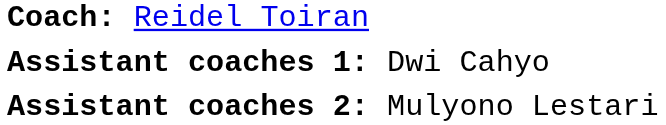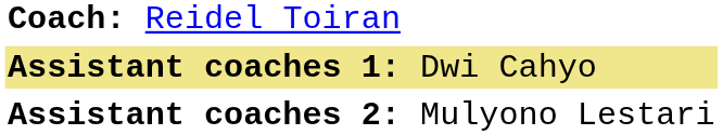 <table>
 <tr>
 <td><strong>Coach:</strong>  <a href='#'>Reidel Toiran</a></td>
 </tr>
 <tr>
-<td><strong>Assistant coaches 1:</strong>  Dwi Cahyo</td>
+<td style="background: khaki;"><strong>Assistant coaches 1:</strong>  Dwi Cahyo</td>
 </tr>
 <tr>
 <td><strong>Assistant coaches 2:</strong>  Mulyono Lestari</td>
 </tr>
 </table>
